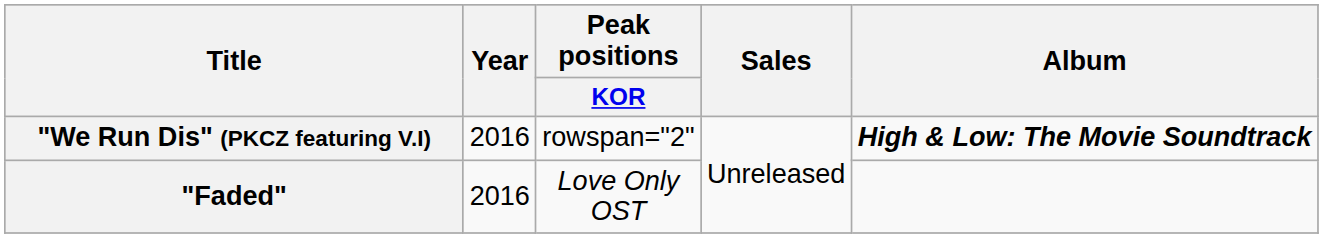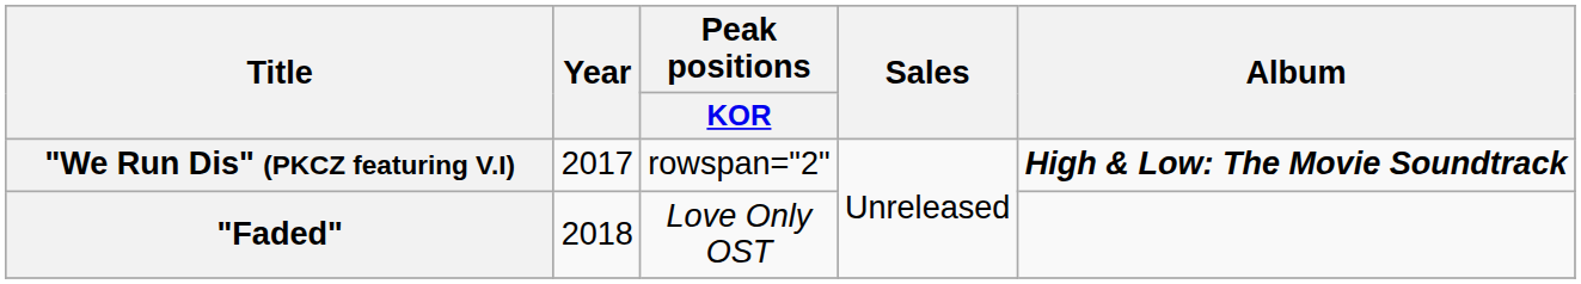 <table class="wikitable plainrowheaders" style="text-align:center;">
 <tr>
 <th rowspan="2" style="width:16.5em;">Title</th>
 <th rowspan="2">Year</th>
 <th colspan="1">Peak positions</th>
 <th rowspan="2">Sales</th>
 <th rowspan="2">Album</th>
 </tr>
 <tr>
 <th style="width:3em; font-size:90%;"><a href='#'>KOR</a></th>
 </tr>
 <tr>
 <th scope="row">"We Run Dis" <small>(PKCZ featuring V.I)</small></th>
-<td>2016</td>
+<td>2017</td>
 <td>rowspan="2" </td>
 <td rowspan="2">Unreleased</td>
 <td><strong><em>High & Low: The Movie Soundtrack</em></strong></td>
 </tr>
 <tr>
 <th scope="row">"Faded"</th>
-<td>2016</td>
+<td>2018</td>
 <td><em>Love Only OST </em></td>
 </tr>
 </table>
